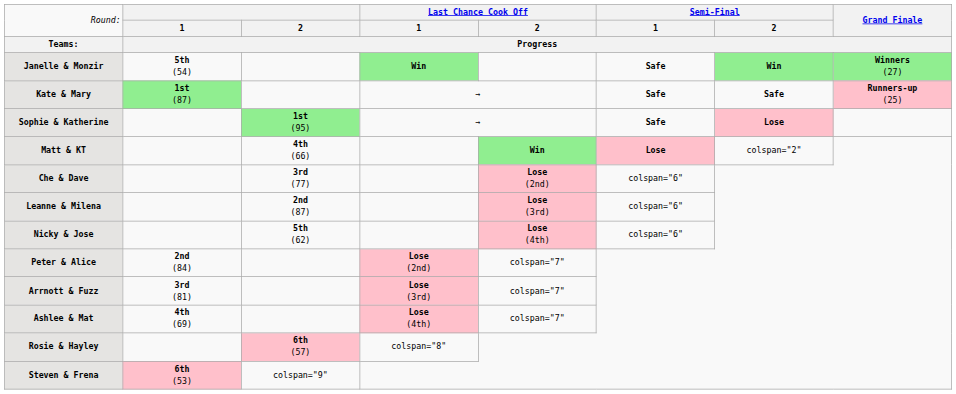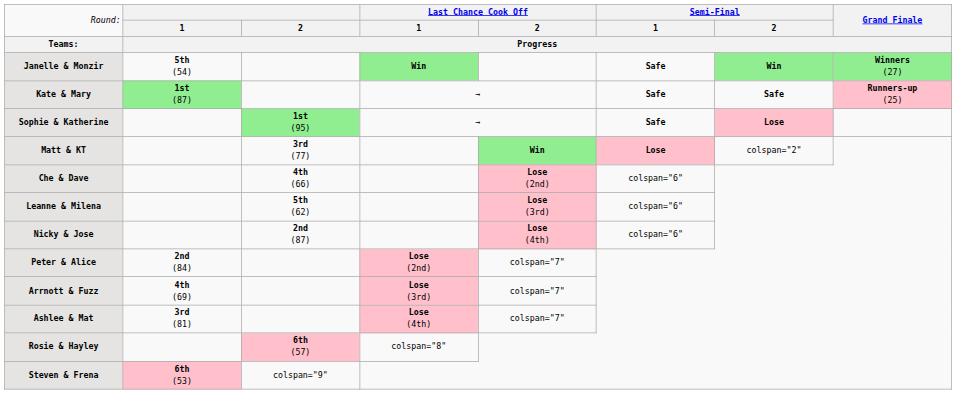 <table class="wikitable" style="width:100%; text-align:center; font-size: 85%; line-height:16px;">
 <tr>
 <td style="width:10%; text-align:right;" rowspan="2"><em>Round:</em></td>
 <th colspan="2" style="width:20%;"><a href='#'></a></th>
 <th colspan="2" style="width:20%;"><a href='#'>Last Chance Cook Off</a></th>
 <th colspan="2" style="width:10%;"><a href='#'>Semi-Final</a></th>
 <th rowspan="2" style="width:10%;"><a href='#'>Grand Finale</a></th>
 </tr>
 <tr>
 <th style="width:10%;">1</th>
 <th style="width:10%;">2</th>
 <th style="width:10%;">1</th>
 <th style="width:10%;">2</th>
 <th style="width:10%;">1</th>
 <th style="width:10%;">2</th>
 </tr>
 <tr>
 <th>Teams:</th>
 <th colspan="9">Progress</th>
 </tr>
 <tr>
 <th style="background:#E5E4E2">Janelle & Monzir</th>
 <td><strong>5th</strong><br>(54)</td>
 <td></td>
 <td bgcolor=lightgreen><strong>Win</strong></td>
 <td></td>
 <td><strong>Safe</strong></td>
 <td bgcolor=lightgreen><strong>Win</strong></td>
 <td bgcolor=lightgreen><strong>Winners</strong> <br> (27)</td>
 </tr>
 <tr>
 <th style="background:#E5E4E2">Kate & Mary</th>
 <td bgcolor=lightgreen><strong>1st</strong> <br> (87)</td>
 <td></td>
 <td colspan="2">→</td>
 <td><strong>Safe</strong></td>
 <td><strong>Safe</strong></td>
 <td style="text-align:center; background:pink;"><strong>Runners-up</strong><br>(25)</td>
 </tr>
 <tr>
 <th style="background:#E5E4E2">Sophie & Katherine</th>
 <td></td>
 <td bgcolor=lightgreen><strong>1st</strong> <br> (95)</td>
 <td colspan="2">→</td>
 <td><strong>Safe</strong></td>
 <td style="text-align:center; background:pink;"><strong>Lose</strong></td>
 <td></td>
 </tr>
 <tr>
 <th style="background:#E5E4E2">Matt & KT</th>
 <td></td>
-<td><strong>4th</strong><br>(66)</td>
+<td><strong>3rd</strong><br>(77)</td>
 <td></td>
 <td bgcolor=lightgreen><strong>Win</strong></td>
 <td style="text-align:center; background:pink;"><strong>Lose</strong></td>
 <td>colspan="2" </td>
 </tr>
 <tr>
 <th style="background:#E5E4E2">Che & Dave</th>
 <td></td>
-<td><strong>3rd</strong><br>(77)</td>
+<td><strong>4th</strong><br>(66)</td>
 <td></td>
 <td style="text-align:center; background:pink;"><strong>Lose</strong><br>(2nd)</td>
 <td>colspan="6" </td>
 </tr>
 <tr>
 <th style="background:#E5E4E2">Leanne & Milena</th>
 <td></td>
-<td><strong>2nd</strong><br>(87)</td>
+<td><strong>5th</strong><br>(62)</td>
 <td></td>
 <td style="text-align:center; background:pink;"><strong>Lose</strong><br>(3rd)</td>
 <td>colspan="6" </td>
 </tr>
 <tr>
 <th style="background:#E5E4E2">Nicky & Jose</th>
 <td></td>
-<td><strong>5th</strong><br>(62)</td>
+<td><strong>2nd</strong><br>(87)</td>
 <td></td>
 <td style="text-align:center; background:pink;"><strong>Lose</strong><br>(4th)</td>
 <td>colspan="6" </td>
 </tr>
 <tr>
 <th style="background:#E5E4E2">Peter & Alice</th>
 <td><strong>2nd</strong><br>(84)</td>
 <td></td>
 <td style="text-align:center; background:pink;"><strong>Lose</strong><br>(2nd)</td>
 <td>colspan="7" </td>
 </tr>
 <tr>
 <th style="background:#E5E4E2">Arrnott & Fuzz</th>
-<td><strong>3rd</strong><br>(81)</td>
+<td><strong>4th</strong><br>(69)</td>
 <td></td>
 <td style="text-align:center; background:pink;"><strong>Lose</strong><br>(3rd)</td>
 <td>colspan="7" </td>
 </tr>
 <tr>
 <th style="background:#E5E4E2">Ashlee & Mat</th>
-<td><strong>4th</strong><br>(69)</td>
+<td><strong>3rd</strong><br>(81)</td>
 <td></td>
 <td style="text-align:center; background:pink;"><strong>Lose</strong><br>(4th)</td>
 <td>colspan="7" </td>
 </tr>
 <tr>
 <th style="background:#E5E4E2">Rosie & Hayley</th>
 <td></td>
 <td style="text-align:center; background:pink;"><strong>6th</strong><br>(57)</td>
 <td>colspan="8" </td>
 </tr>
 <tr>
 <th style="background:#E5E4E2">Steven & Frena</th>
 <td style="text-align:center; background:pink;"><strong>6th</strong><br>(53)</td>
 <td>colspan="9" </td>
 </tr>
 </table>
